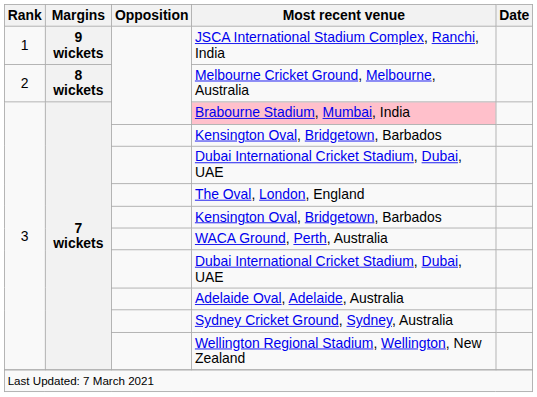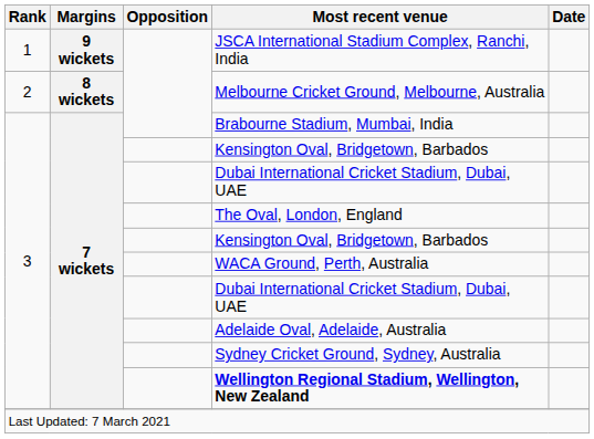 <table class="wikitable plainrowheaders sortable">
 <tr>
 <th scope=col>Rank</th>
 <th scope=col>Margins</th>
 <th scope=col>Opposition</th>
 <th scope=col>Most recent venue</th>
 <th scope=col>Date</th>
 </tr>
 <tr>
 <td align=center>1</td>
 <th scope=row style=text-align:center>9 wickets</th>
 <td rowspan=3></td>
 <td><a href='#'>JSCA International Stadium Complex</a>, <a href='#'>Ranchi</a>, India</td>
 <td></td>
 </tr>
 <tr>
 <td align=center>2</td>
 <th scope=row style=text-align:center>8 wickets</th>
 <td><a href='#'>Melbourne Cricket Ground</a>, <a href='#'>Melbourne</a>, Australia</td>
 <td></td>
 </tr>
 <tr>
 <td align=center rowspan=10>3</td>
 <th scope=row style=text-align:center rowspan=10>7 wickets</th>
-<td style="background: pink;"><a href='#'>Brabourne Stadium</a>, <a href='#'>Mumbai</a>, India</td>
+<td><a href='#'>Brabourne Stadium</a>, <a href='#'>Mumbai</a>, India</td>
 <td></td>
 </tr>
 <tr>
 <td></td>
 <td><a href='#'>Kensington Oval</a>, <a href='#'>Bridgetown</a>, Barbados</td>
 <td></td>
 </tr>
 <tr>
 <td></td>
 <td><a href='#'>Dubai International Cricket Stadium</a>, <a href='#'>Dubai</a>, UAE</td>
 <td></td>
 </tr>
 <tr>
 <td></td>
 <td><a href='#'>The Oval</a>, <a href='#'>London</a>, England</td>
 <td> </td>
 </tr>
 <tr>
 <td></td>
 <td><a href='#'>Kensington Oval</a>, <a href='#'>Bridgetown</a>, Barbados</td>
 <td> </td>
 </tr>
 <tr>
 <td></td>
 <td><a href='#'>WACA Ground</a>, <a href='#'>Perth</a>, Australia</td>
 <td></td>
 </tr>
 <tr>
 <td></td>
 <td><a href='#'>Dubai International Cricket Stadium</a>, <a href='#'>Dubai</a>, UAE</td>
 <td></td>
 </tr>
 <tr>
 <td></td>
 <td><a href='#'>Adelaide Oval</a>, <a href='#'>Adelaide</a>, Australia</td>
 <td></td>
 </tr>
 <tr>
 <td></td>
 <td><a href='#'>Sydney Cricket Ground</a>, <a href='#'>Sydney</a>, Australia</td>
 <td></td>
 </tr>
 <tr>
 <td></td>
-<td><a href='#'>Wellington Regional Stadium</a>, <a href='#'>Wellington</a>, New Zealand</td>
+<td><strong><a href='#'>Wellington Regional Stadium</a>, <a href='#'>Wellington</a>, New Zealand</strong></td>
 <td></td>
 </tr>
 <tr>
 </tr>
 <tr class=sortbottom>
 <td colspan=5><small>Last Updated: 7 March 2021</small></td>
 </tr>
 </table>
